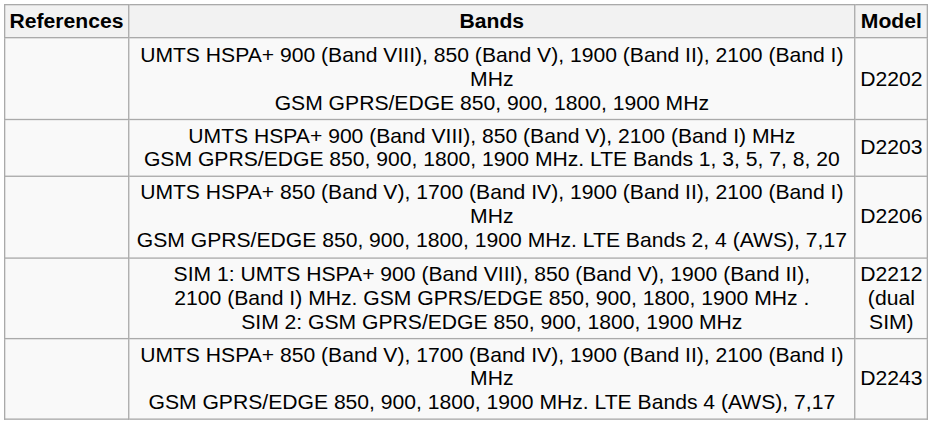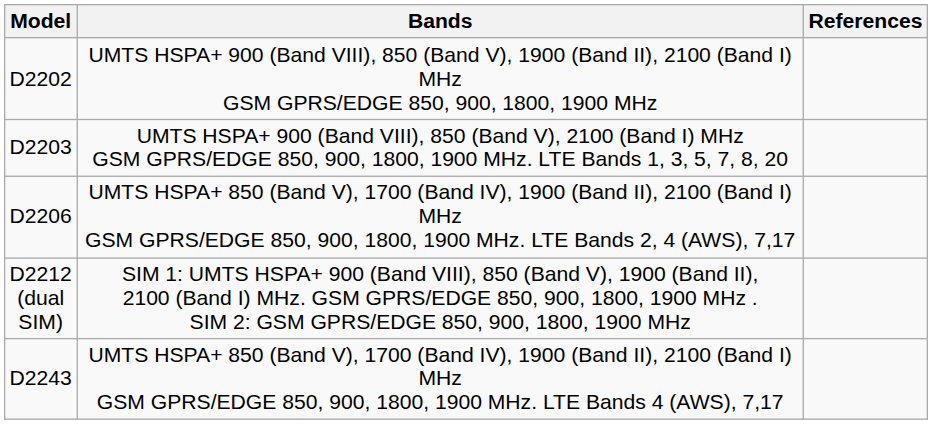 <table class="wikitable sortable" style="width:700px">
 <tr>
+<th style="width:10px;">Model</th>
+<th>Bands</th>
 <th>References</th>
-<th>Bands</th>
-<th style="width:10px;">Model</th>
 </tr>
 <tr>
+<td style="text-align:center;">D2202</td>
+<td style="text-align:center;">UMTS HSPA+ 900 (Band VIII), 850 (Band V), 1900 (Band II), 2100 (Band I) MHz<br>GSM GPRS/EDGE 850, 900, 1800, 1900 MHz</td>
 <td style="text-align:center;"></td>
-<td style="text-align:center;">UMTS HSPA+ 900 (Band VIII), 850 (Band V), 1900 (Band II), 2100 (Band I) MHz<br>GSM GPRS/EDGE 850, 900, 1800, 1900 MHz</td>
-<td style="text-align:center;">D2202</td>
 </tr>
 <tr>
+<td style="text-align:center;">D2203</td>
+<td style="text-align:center;">UMTS HSPA+ 900 (Band VIII), 850 (Band V), 2100 (Band I) MHz<br>GSM GPRS/EDGE 850, 900, 1800, 1900 MHz. LTE Bands 1, 3, 5, 7, 8, 20</td>
 <td style="text-align:center;"></td>
-<td style="text-align:center;">UMTS HSPA+ 900 (Band VIII), 850 (Band V), 2100 (Band I) MHz<br>GSM GPRS/EDGE 850, 900, 1800, 1900 MHz. LTE Bands 1, 3, 5, 7, 8, 20</td>
-<td style="text-align:center;">D2203</td>
 </tr>
 <tr>
+<td style="text-align:center;">D2206</td>
+<td style="text-align:center;">UMTS HSPA+ 850 (Band V), 1700 (Band IV), 1900 (Band II), 2100 (Band I) MHz<br>GSM GPRS/EDGE 850, 900, 1800, 1900 MHz. LTE Bands 2, 4 (AWS), 7,17</td>
 <td style="text-align:center;"></td>
-<td style="text-align:center;">UMTS HSPA+ 850 (Band V), 1700 (Band IV), 1900 (Band II), 2100 (Band I) MHz<br>GSM GPRS/EDGE 850, 900, 1800, 1900 MHz. LTE Bands 2, 4 (AWS), 7,17</td>
-<td style="text-align:center;">D2206</td>
 </tr>
 <tr>
+<td style="text-align:center;">D2212 (dual SIM)</td>
+<td style="text-align:center;">SIM 1: UMTS HSPA+ 900 (Band VIII), 850 (Band V), 1900 (Band II),<br>2100 (Band I) MHz. GSM GPRS/EDGE 850, 900, 1800, 1900 MHz .<br>SIM 2: GSM GPRS/EDGE 850, 900, 1800, 1900 MHz</td>
 <td style="text-align:center;"></td>
-<td style="text-align:center;">SIM 1: UMTS HSPA+ 900 (Band VIII), 850 (Band V), 1900 (Band II),<br>2100 (Band I) MHz. GSM GPRS/EDGE 850, 900, 1800, 1900 MHz .<br>SIM 2: GSM GPRS/EDGE 850, 900, 1800, 1900 MHz</td>
-<td style="text-align:center;">D2212 (dual SIM)</td>
 </tr>
 <tr>
+<td style="text-align:center;">D2243</td>
+<td style="text-align:center;">UMTS HSPA+ 850 (Band V), 1700 (Band IV), 1900 (Band II), 2100 (Band I) MHz<br>GSM GPRS/EDGE 850, 900, 1800, 1900 MHz. LTE Bands 4 (AWS), 7,17</td>
 <td style="text-align:center;"></td>
-<td style="text-align:center;">UMTS HSPA+ 850 (Band V), 1700 (Band IV), 1900 (Band II), 2100 (Band I) MHz<br>GSM GPRS/EDGE 850, 900, 1800, 1900 MHz. LTE Bands 4 (AWS), 7,17</td>
-<td style="text-align:center;">D2243</td>
 </tr>
 </table>
